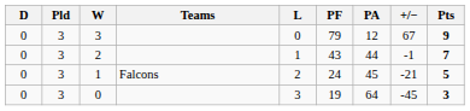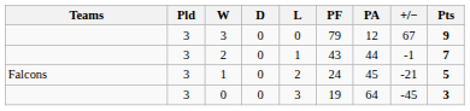 <table class="wikitable" style="text-align: center;">
 <tr>
-<th width="40">D</th>
+<th width="200">Teams</th>
 <th width="40">Pld</th>
 <th width="40">W</th>
-<th width="200">Teams</th>
+<th width="40">D</th>
 <th width="40">L</th>
 <th width="40">PF</th>
 <th width="40">PA</th>
 <th width="40">+/−</th>
 <th width="40">Pts</th>
 </tr>
 <tr>
-<td>0</td>
+<td align=left></td>
 <td>3</td>
 <td>3</td>
-<td align=left></td>
+<td>0</td>
 <td>0</td>
 <td>79</td>
 <td>12</td>
 <td>67</td>
 <td><strong>9</strong></td>
 </tr>
 <tr>
-<td>0</td>
+<td align=left></td>
 <td>3</td>
 <td>2</td>
-<td align=left></td>
+<td>0</td>
 <td>1</td>
 <td>43</td>
 <td>44</td>
 <td>-1</td>
 <td><strong>7</strong></td>
 </tr>
 <tr>
-<td>0</td>
+<td align=left> Falcons</td>
 <td>3</td>
 <td>1</td>
-<td align=left> Falcons</td>
+<td>0</td>
 <td>2</td>
 <td>24</td>
 <td>45</td>
 <td>-21</td>
 <td><strong>5</strong></td>
 </tr>
 <tr>
-<td>0</td>
+<td align=left></td>
 <td>3</td>
 <td>0</td>
-<td align=left></td>
+<td>0</td>
 <td>3</td>
 <td>19</td>
 <td>64</td>
 <td>-45</td>
 <td><strong>3</strong></td>
 </tr>
 </table>
